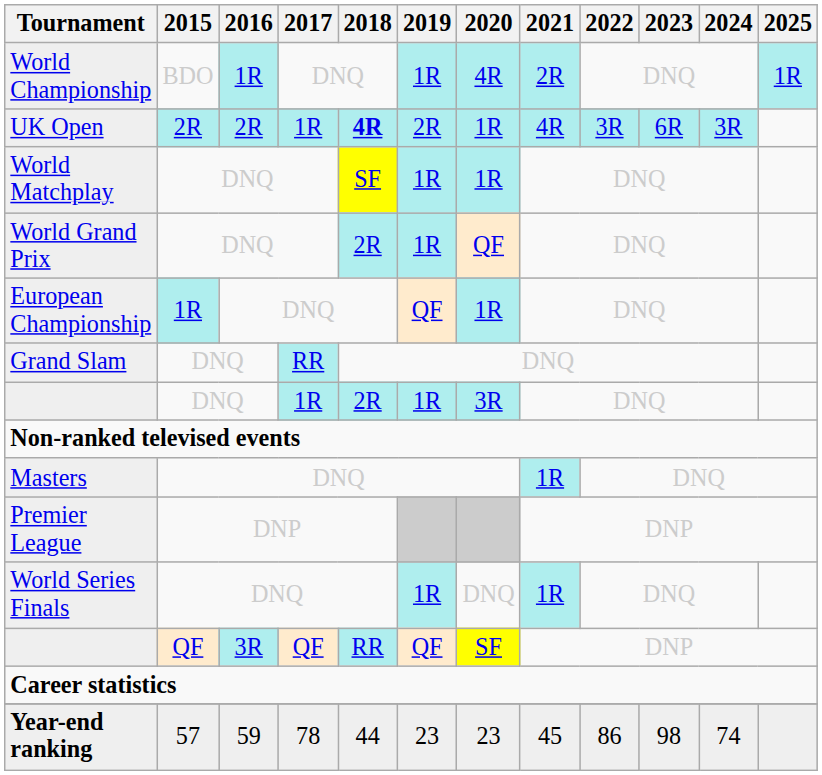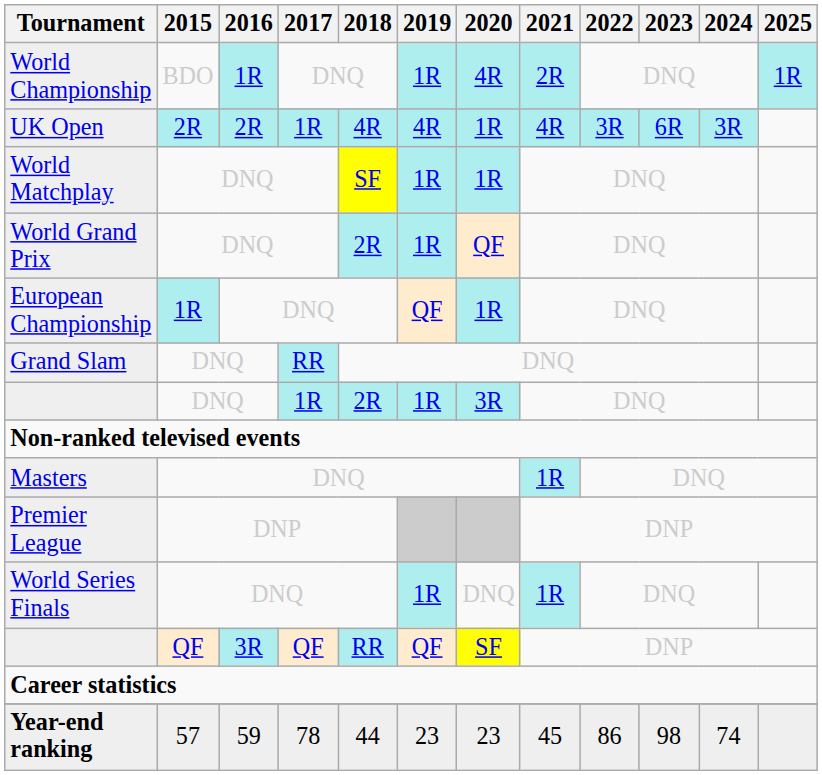 <table class="wikitable" style="width:30%; margin:0">
 <tr>
 <th>Tournament</th>
 <th>2015</th>
 <th>2016</th>
 <th>2017</th>
 <th>2018</th>
 <th>2019</th>
 <th>2020</th>
 <th>2021</th>
 <th>2022</th>
 <th>2023</th>
 <th>2024</th>
 <th>2025</th>
 </tr>
 <tr>
 <td style="background:#efefef;"><a href='#'>World Championship</a></td>
 <td style="text-align:center; color:#ccc;">BDO</td>
 <td style="text-align:center; background:#afeeee;"><a href='#'>1R</a></td>
 <td colspan="2" style="text-align:center; color:#ccc;">DNQ</td>
 <td style="text-align:center; background:#afeeee;"><a href='#'>1R</a></td>
 <td style="text-align:center; background:#afeeee;"><a href='#'>4R</a></td>
 <td style="text-align:center; background:#afeeee;"><a href='#'>2R</a></td>
 <td colspan="3" style="text-align:center; color:#ccc;">DNQ</td>
 <td style="text-align:center; background:#afeeee;"><a href='#'>1R</a></td>
 </tr>
 <tr>
 <td style="background:#efefef;"><a href='#'>UK Open</a></td>
 <td style="text-align:center; background:#afeeee;"><a href='#'>2R</a></td>
 <td style="text-align:center; background:#afeeee;"><a href='#'>2R</a></td>
 <td style="text-align:center; background:#afeeee;"><a href='#'>1R</a></td>
-<td style="text-align:center; background:#afeeee;"><strong><a href='#'>4R</a></strong></td>
-<td style="text-align:center; background:#afeeee;"><a href='#'>2R</a></td>
+<td style="text-align:center; background:#afeeee;"><a href='#'>4R</a></td>
+<td style="text-align:center; background:#afeeee;"><a href='#'>4R</a></td>
 <td style="text-align:center; background:#afeeee;"><a href='#'>1R</a></td>
 <td style="text-align:center; background:#afeeee;"><a href='#'>4R</a></td>
 <td style="text-align:center; background:#afeeee;"><a href='#'>3R</a></td>
 <td style="text-align:center; background:#afeeee;"><a href='#'>6R</a></td>
 <td style="text-align:center; background:#afeeee;"><a href='#'>3R</a></td>
 <td></td>
 </tr>
 <tr>
 <td style="background:#efefef;"><a href='#'>World Matchplay</a></td>
 <td colspan="3" style="text-align:center; color:#ccc;">DNQ</td>
 <td style="text-align:center; background:yellow;"><a href='#'>SF</a></td>
 <td style="text-align:center; background:#afeeee;"><a href='#'>1R</a></td>
 <td style="text-align:center; background:#afeeee;"><a href='#'>1R</a></td>
 <td colspan="4" style="text-align:center; color:#ccc;">DNQ</td>
 <td></td>
 </tr>
 <tr>
 <td style="background:#efefef;"><a href='#'>World Grand Prix</a></td>
 <td colspan="3" style="text-align:center; color:#ccc;">DNQ</td>
 <td style="text-align:center; background:#afeeee;"><a href='#'>2R</a></td>
 <td style="text-align:center; background:#afeeee;"><a href='#'>1R</a></td>
 <td style="text-align:center; background:#ffebcd;"><a href='#'>QF</a></td>
 <td colspan="4" style="text-align:center; color:#ccc;">DNQ</td>
 <td></td>
 </tr>
 <tr>
 <td style="background:#efefef;"><a href='#'>European Championship</a></td>
 <td style="text-align:center; background:#afeeee;"><a href='#'>1R</a></td>
 <td colspan="3" style="text-align:center; color:#ccc;">DNQ</td>
 <td style="text-align:center; background:#ffebcd;"><a href='#'>QF</a></td>
 <td style="text-align:center; background:#afeeee;"><a href='#'>1R</a></td>
 <td colspan="4" style="text-align:center; color:#ccc;">DNQ</td>
 <td></td>
 </tr>
 <tr>
 <td style="background:#efefef;"><a href='#'>Grand Slam</a></td>
 <td colspan="2" style="text-align:center; color:#ccc;">DNQ</td>
 <td style="text-align:center; background:#afeeee;"><a href='#'>RR</a></td>
 <td colspan="7" style="text-align:center; color:#ccc;">DNQ</td>
 <td></td>
 </tr>
 <tr>
 <td style="background:#efefef;"></td>
 <td colspan="2" style="text-align:center; color:#ccc;">DNQ</td>
 <td style="text-align:center; background:#afeeee;"><a href='#'>1R</a></td>
 <td style="text-align:center; background:#afeeee;"><a href='#'>2R</a></td>
 <td style="text-align:center; background:#afeeee;"><a href='#'>1R</a></td>
 <td style="text-align:center; background:#afeeee;"><a href='#'>3R</a></td>
 <td colspan="4" style="text-align:center; color:#ccc;">DNQ</td>
 <td></td>
 </tr>
 <tr>
 <td colspan="21" align="left"><strong>Non-ranked televised events</strong></td>
 </tr>
 <tr>
 <td style="background:#efefef;"><a href='#'>Masters</a></td>
 <td colspan="6" style="text-align:center; color:#ccc;">DNQ</td>
 <td style="text-align:center; background:#afeeee;"><a href='#'>1R</a></td>
 <td colspan="4" style="text-align:center; color:#ccc;">DNQ</td>
 </tr>
 <tr>
 <td style="background:#efefef;"><a href='#'>Premier League</a></td>
 <td colspan="4" style="text-align:center; color:#ccc;">DNP</td>
 <td style="text-align:center; background:#ccc;"><a href='#'></a></td>
 <td style="text-align:center; background:#ccc;"><a href='#'></a></td>
 <td colspan="5" style="text-align:center; color:#ccc;">DNP</td>
 </tr>
 <tr>
 <td style="background:#efefef;"><a href='#'>World Series Finals</a></td>
 <td colspan="4" style="text-align:center; color:#ccc;">DNQ</td>
 <td style="text-align:center; background:#afeeee;"><a href='#'>1R</a></td>
 <td style="text-align:center; color:#ccc;">DNQ</td>
 <td style="text-align:center; background:#afeeee;"><a href='#'>1R</a></td>
 <td colspan="3" style="text-align:center; color:#ccc;">DNQ</td>
 <td></td>
 </tr>
 <tr>
 <td style="background:#efefef;"></td>
 <td style="text-align:center; background:#ffebcd;"><a href='#'>QF</a></td>
 <td style="text-align:center; background:#afeeee;"><a href='#'>3R</a></td>
 <td style="text-align:center; background:#ffebcd;"><a href='#'>QF</a></td>
 <td style="text-align:center; background:#afeeee;"><a href='#'>RR</a></td>
 <td style="text-align:center; background:#ffebcd;"><a href='#'>QF</a></td>
 <td style="text-align:center; background:yellow;"><a href='#'>SF</a></td>
 <td colspan="5" style="text-align:center; color:#ccc;">DNP</td>
 </tr>
 <tr>
 <td colspan="14" align="left"><strong>Career statistics</strong></td>
 </tr>
 <tr>
 </tr>
 <tr bgcolor="efefef">
 <td align="left"><strong>Year-end ranking</strong></td>
 <td style="text-align:center;">57</td>
 <td style="text-align:center;">59</td>
 <td style="text-align:center;">78</td>
 <td style="text-align:center;">44</td>
 <td style="text-align:center;">23</td>
 <td style="text-align:center;">23</td>
 <td style="text-align:center;">45</td>
 <td style="text-align:center;">86</td>
 <td style="text-align:center;">98</td>
 <td style="text-align:center;">74</td>
 <td></td>
 </tr>
 </table>
